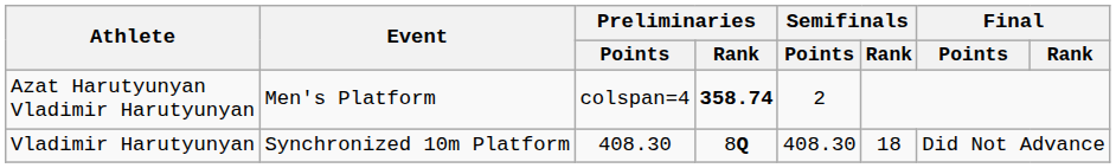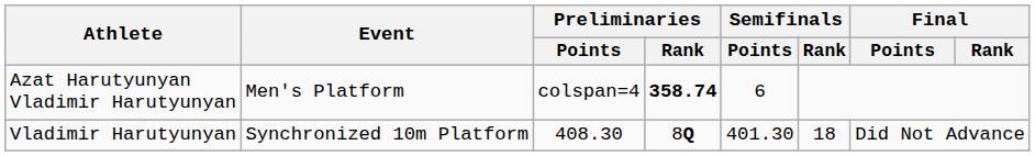 <table class=wikitable style="font-size:90%">
 <tr>
 <th rowspan="2">Athlete</th>
 <th rowspan="2">Event</th>
 <th colspan="2">Preliminaries</th>
 <th colspan="2">Semifinals</th>
 <th colspan="2">Final</th>
 </tr>
 <tr style="font-size:95%">
 <th>Points</th>
 <th>Rank</th>
 <th>Points</th>
 <th>Rank</th>
 <th>Points</th>
 <th>Rank</th>
 </tr>
 <tr align=center>
 <td align=left>Azat Harutyunyan<br>Vladimir Harutyunyan</td>
 <td align=left>Men's Platform</td>
 <td>colspan=4 </td>
 <td><strong>358.74</strong></td>
-<td>2</td>
+<td>6</td>
 </tr>
 <tr align=center>
 <td align=left>Vladimir Harutyunyan</td>
 <td align=left>Synchronized 10m Platform</td>
 <td>408.30</td>
 <td>8<strong>Q</strong></td>
-<td>408.30</td>
+<td>401.30</td>
 <td>18</td>
 <td colspan=2>Did Not Advance</td>
 </tr>
 </table>
